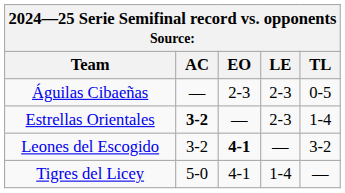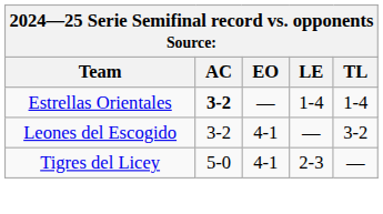 <table class="wikitable" style="font-size:95%; text-align:center;">
 <tr>
 <th colspan=5>2024—25 Serie Semifinal record vs. opponents<br><small>Source: </small></th>
 </tr>
 <tr>
 <th style="width:150px;">Team</th>
 <th>AC</th>
 <th>EO</th>
 <th>LE</th>
 <th>TL</th>
 </tr>
 <tr>
-<td><a href='#'>Águilas Cibaeñas</a></td>
-<td>—</td>
-<td>2-3</td>
-<td>2-3</td>
-<td>0-5</td>
-</tr>
-<tr>
 <td><a href='#'>Estrellas Orientales</a></td>
 <td><strong>3-2</strong></td>
 <td>—</td>
-<td>2-3</td>
+<td>1-4</td>
 <td>1-4</td>
 </tr>
 <tr>
 <td><a href='#'>Leones del Escogido</a></td>
 <td>3-2</td>
-<td><strong>4-1</strong></td>
+<td>4-1</td>
 <td>—</td>
 <td>3-2</td>
 </tr>
 <tr>
 <td><a href='#'>Tigres del Licey</a></td>
 <td>5-0</td>
 <td>4-1</td>
-<td>1-4</td>
+<td>2-3</td>
 <td>—</td>
 </tr>
 </table>
